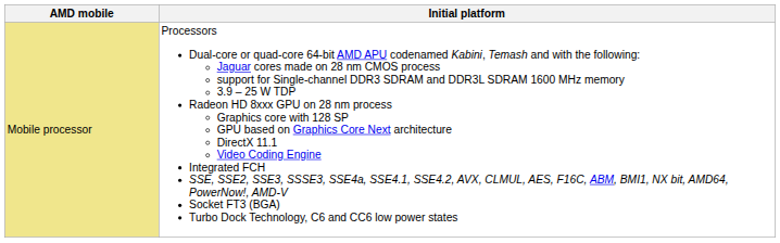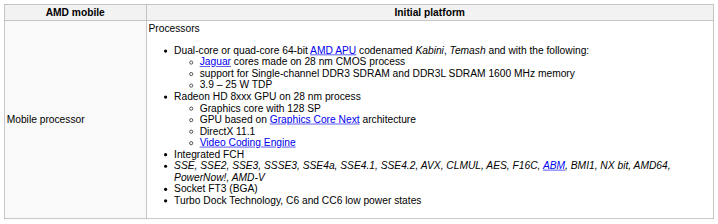 <table class="wikitable" style="width:70%;">
 <tr>
 <th style="width:20%;">AMD mobile</th>
 <th>Initial platform</th>
 </tr>
 <tr>
-<td style="background: khaki;">Mobile processor</td>
+<td>Mobile processor</td>
 <td style="background:white">Processors<br><ul><li>Dual-core or quad-core 64-bit <a href='#'>AMD APU</a> codenamed <em>Kabini</em>, <em>Temash</em> and with the following:<ul><li><a href='#'>Jaguar</a> cores made on 28 nm CMOS process</li><li>support for Single-channel DDR3 SDRAM and DDR3L SDRAM 1600 MHz memory</li><li>3.9 – 25 W TDP</li></ul></li><li>Radeon HD 8xxx GPU on 28 nm process<ul><li>Graphics core with 128 SP</li><li>GPU based on <a href='#'>Graphics Core Next</a> architecture</li><li>DirectX 11.1</li><li><a href='#'>Video Coding Engine</a></li></ul></li><li>Integrated FCH</li><li><em>SSE, SSE2, SSE3, SSSE3, SSE4a, SSE4.1, SSE4.2, AVX, CLMUL, AES, F16C, <a href='#'>ABM</a>, BMI1, NX bit, AMD64, PowerNow!, AMD-V</em></li><li>Socket FT3 (BGA)</li><li>Turbo Dock Technology, C6 and CC6 low power states</li></ul></td>
 </tr>
 </table>
